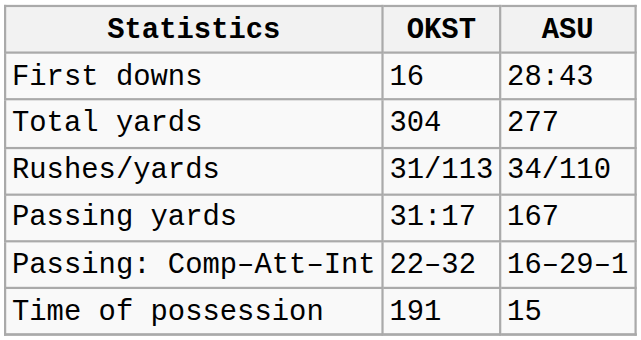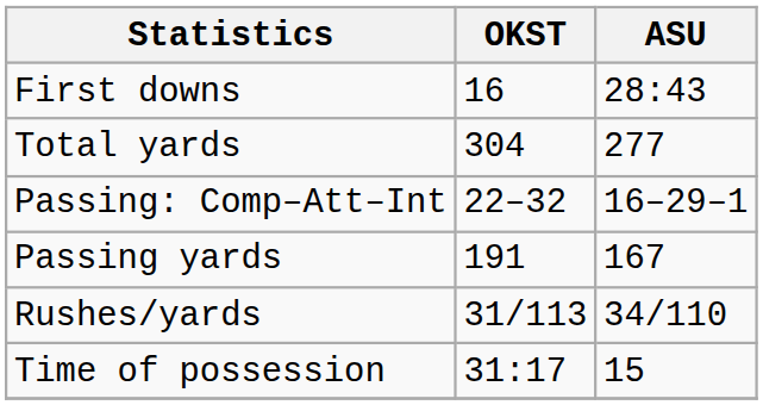 <table class="wikitable" style="float: left;">
 <tr>
 <th>Statistics</th>
 <th>OKST</th>
 <th>ASU</th>
 </tr>
 <tr>
 <td>First downs</td>
 <td>16</td>
 <td>28:43</td>
 </tr>
 <tr>
 <td>Total yards</td>
 <td>304</td>
 <td>277</td>
 </tr>
 <tr>
+<td>Passing: Comp–Att–Int</td>
+<td>22–32</td>
+<td>16–29–1</td>
+</tr>
+<tr>
+<td>Passing yards</td>
+<td>191</td>
+<td>167</td>
+</tr>
+<tr>
 <td>Rushes/yards</td>
 <td>31/113</td>
 <td>34/110</td>
 </tr>
 <tr>
-<td>Passing yards</td>
+<td>Time of possession</td>
 <td>31:17</td>
-<td>167</td>
-</tr>
-<tr>
-<td>Passing: Comp–Att–Int</td>
-<td>22–32</td>
-<td>16–29–1</td>
-</tr>
-<tr>
-<td>Time of possession</td>
-<td>191</td>
 <td>15</td>
 </tr>
 <tr>
 </tr>
 </table>
